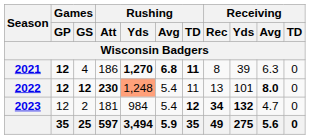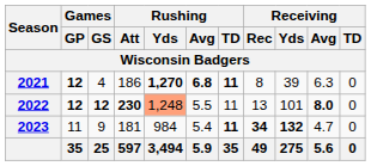 <table class="wikitable" style="text-align:center;">
 <tr>
 <th rowspan="2">Season</th>
 <th colspan="2">Games</th>
 <th colspan="4">Rushing</th>
 <th colspan="4">Receiving</th>
 </tr>
 <tr>
 <th>GP</th>
 <th>GS</th>
 <th>Att</th>
 <th>Yds</th>
 <th>Avg</th>
 <th>TD</th>
 <th>Rec</th>
 <th>Yds</th>
 <th>Avg</th>
 <th>TD</th>
 </tr>
 <tr>
 <th colspan="15">Wisconsin Badgers</th>
 </tr>
 <tr>
 <th><a href='#'>2021</a></th>
 <td><strong>12</strong></td>
 <td>4</td>
 <td>186</td>
 <td><strong>1,270</strong></td>
 <td><strong>6.8</strong></td>
 <td><strong>11</strong></td>
 <td>8</td>
 <td>39</td>
 <td>6.3</td>
 <td>0</td>
 </tr>
 <tr>
 <th><a href='#'>2022</a></th>
 <td><strong>12</strong></td>
 <td><strong>12</strong></td>
 <td><strong>230</strong></td>
 <td style="background: lightsalmon;">1,248</td>
-<td>5.4</td>
+<td>5.5</td>
 <td>11</td>
 <td>13</td>
 <td>101</td>
 <td><strong>8.0</strong></td>
 <td>0</td>
 </tr>
 <tr>
 <th><a href='#'>2023</a></th>
-<td>12</td>
-<td>2</td>
+<td>11</td>
+<td>9</td>
 <td>181</td>
 <td>984</td>
 <td>5.4</td>
-<td><strong>12</strong></td>
+<td><strong>11</strong></td>
 <td><strong>34</strong></td>
 <td><strong>132</strong></td>
 <td>4.7</td>
 <td>0</td>
 </tr>
 <tr>
 <th></th>
 <th>35</th>
 <th>25</th>
 <th>597</th>
 <th>3,494</th>
 <th>5.9</th>
 <th>35</th>
 <th>49</th>
 <th>275</th>
 <th>5.6</th>
 <th>0</th>
 </tr>
 </table>
